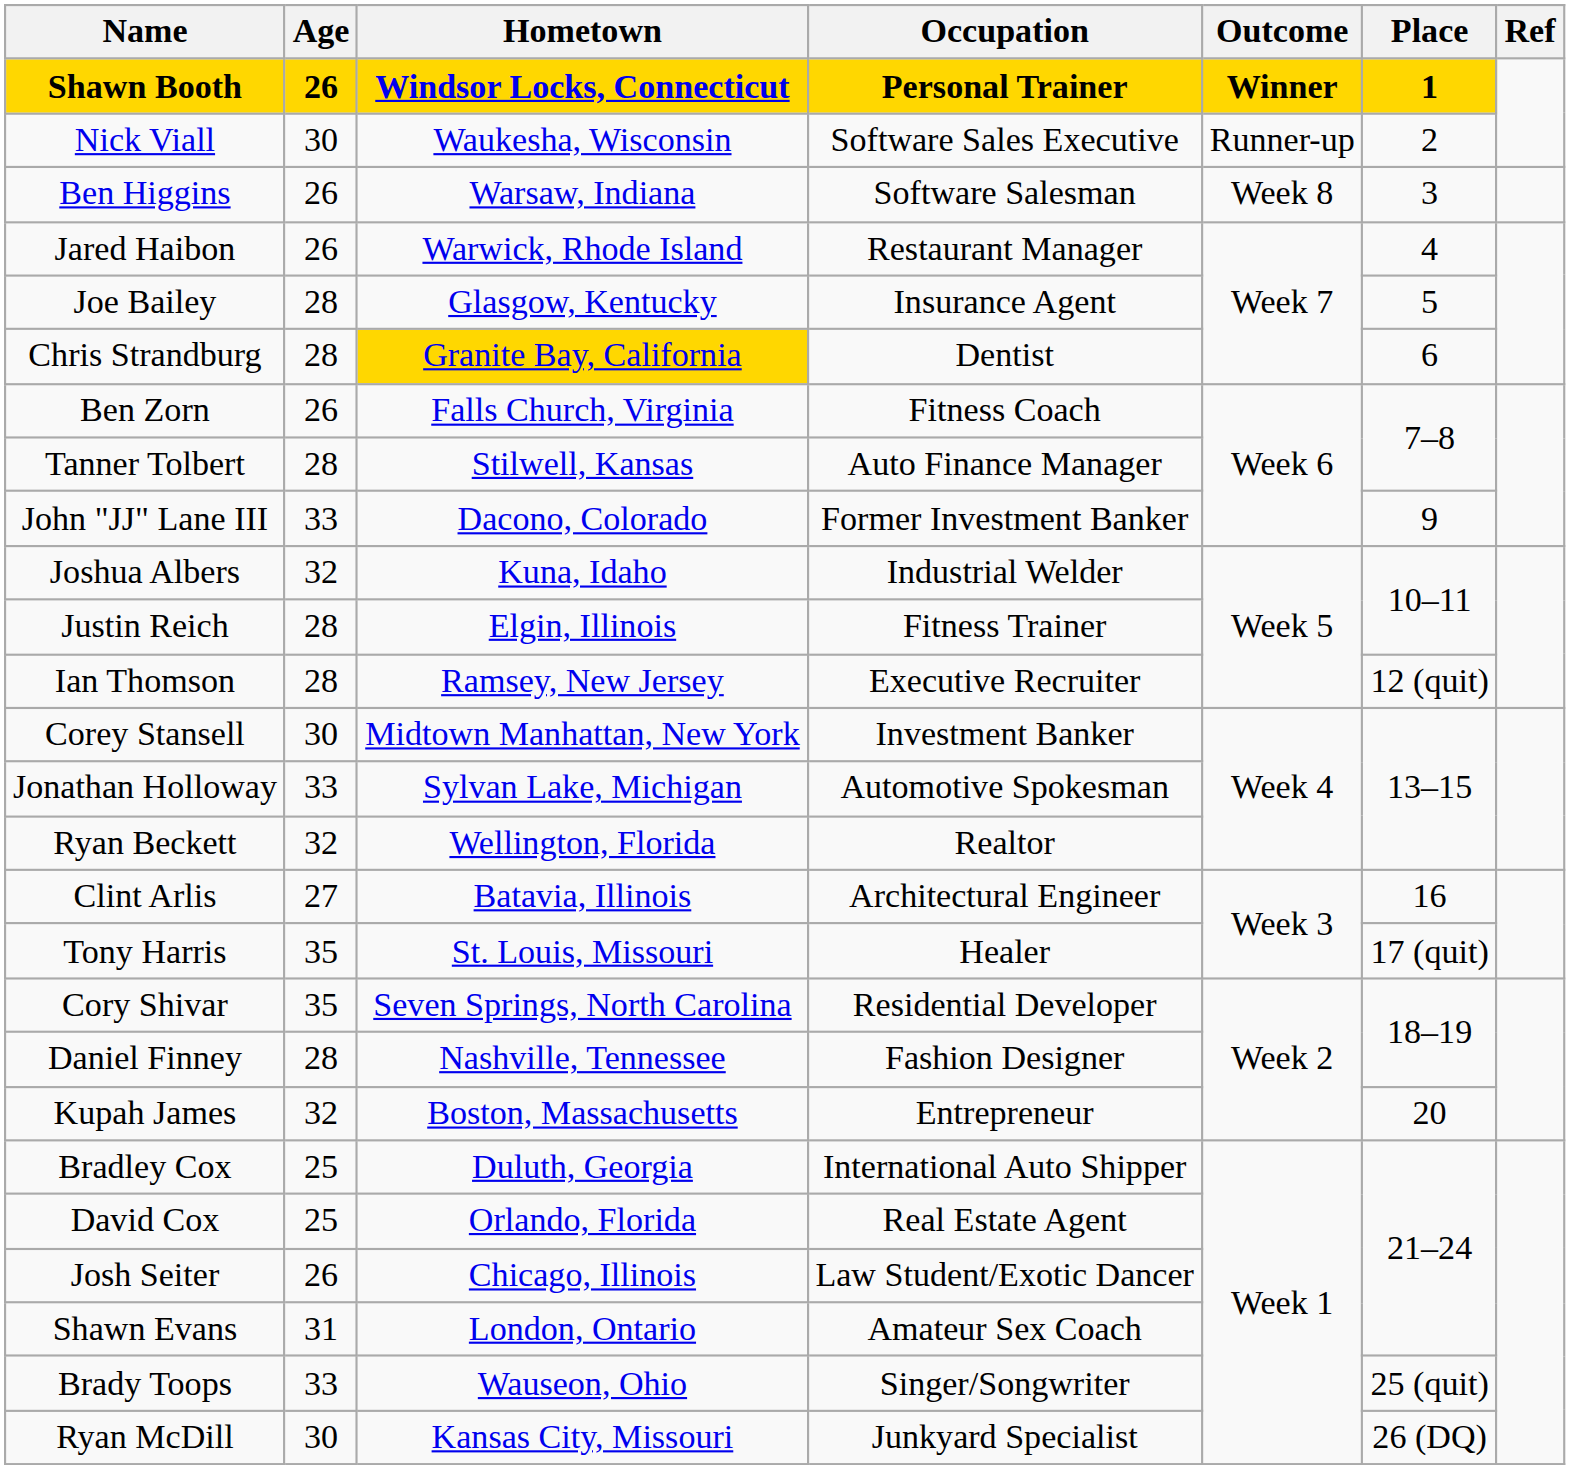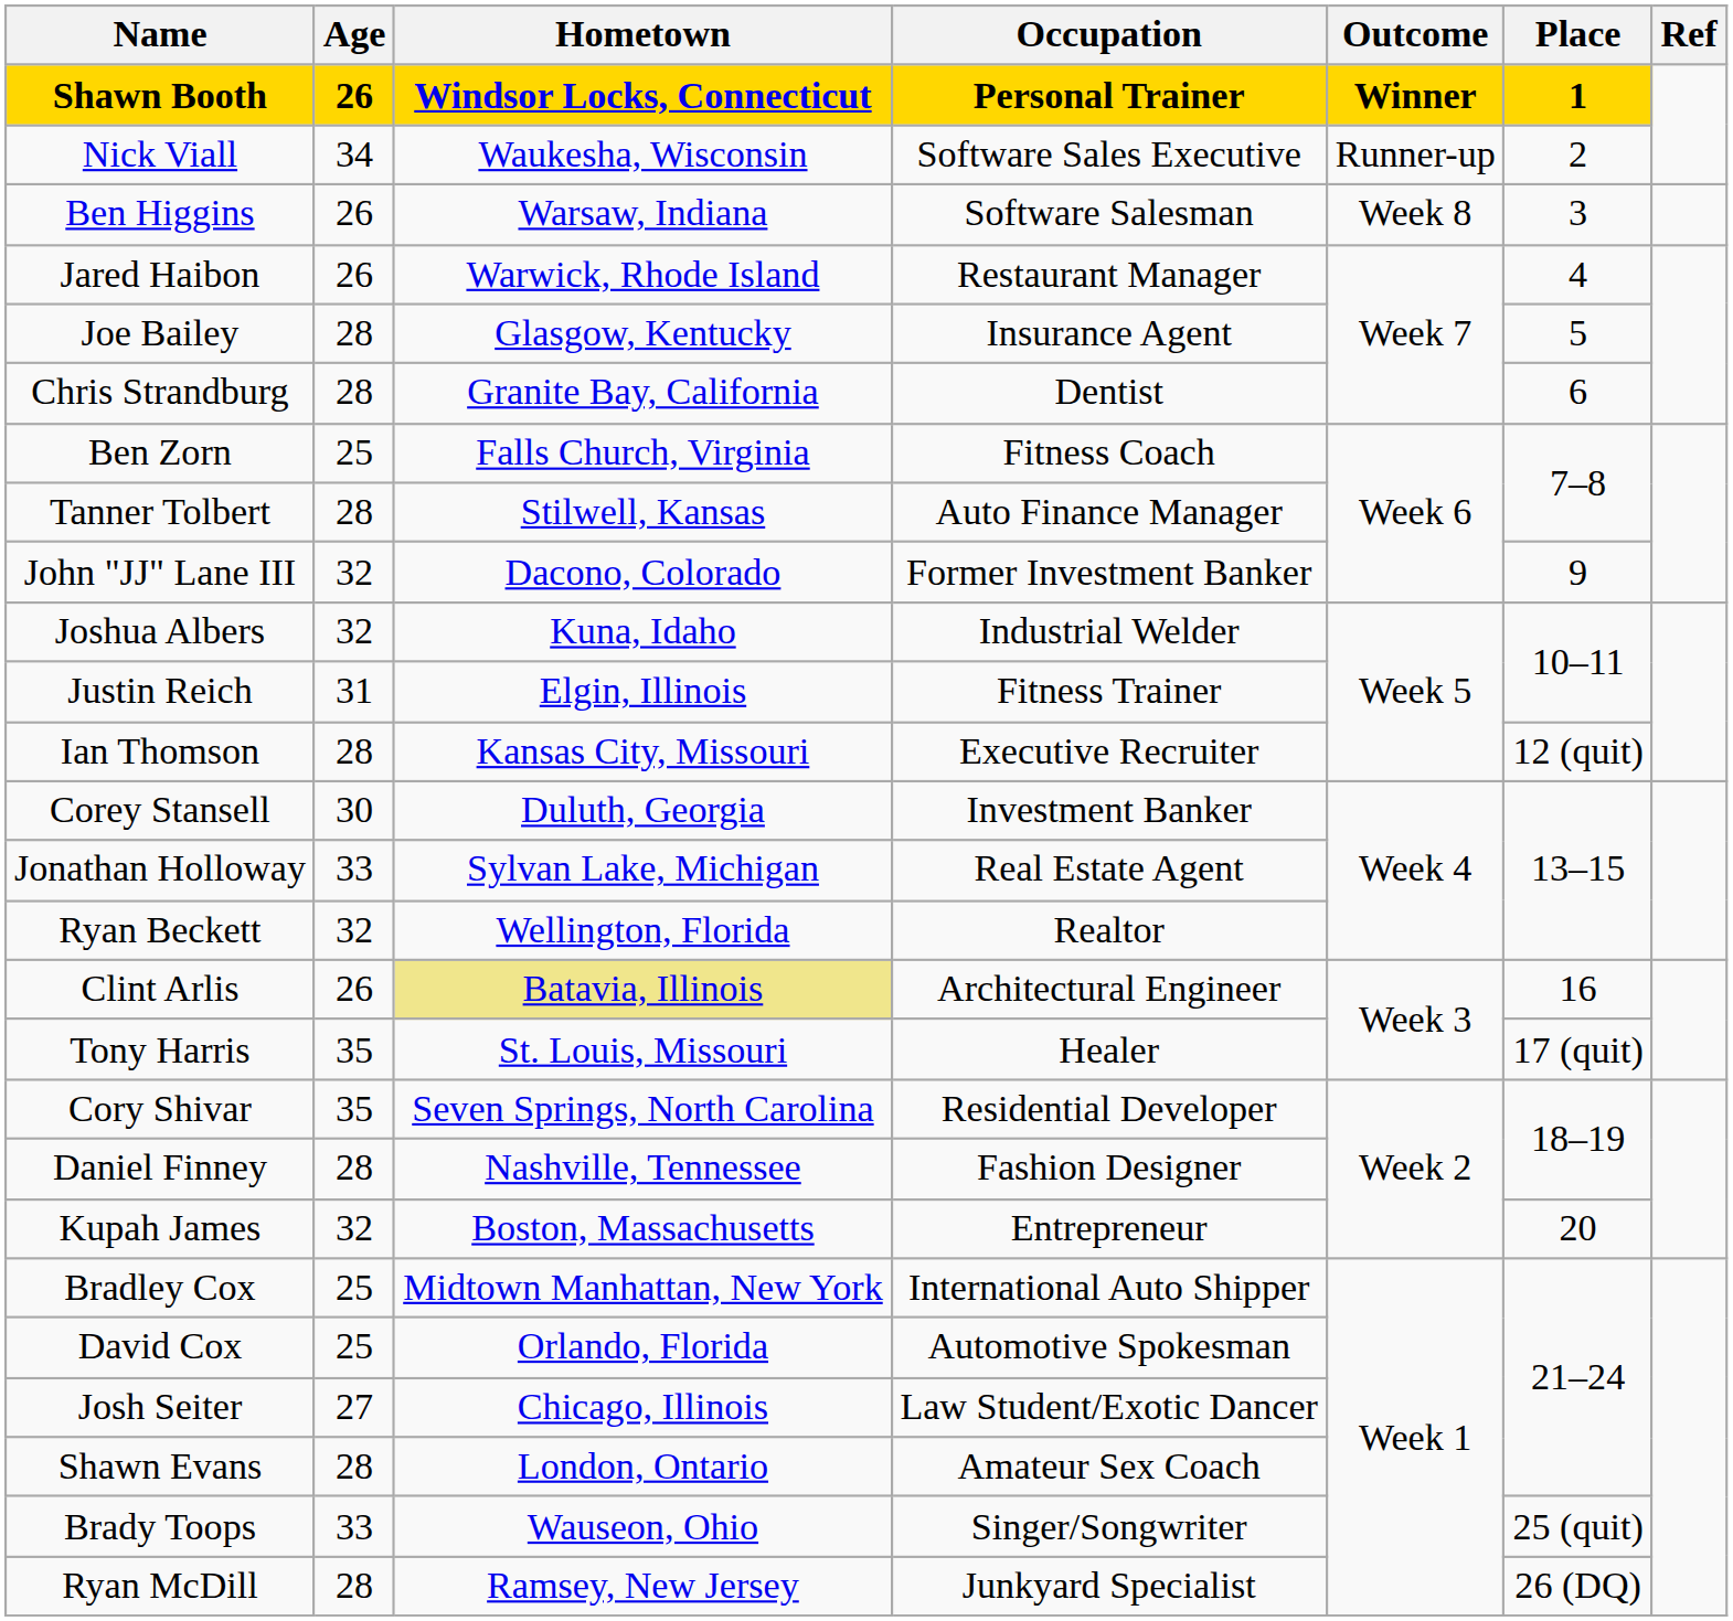 <table class="wikitable sortable" style="text-align:center;">
 <tr>
 <th>Name</th>
 <th>Age</th>
 <th>Hometown</th>
 <th>Occupation</th>
 <th>Outcome</th>
 <th>Place</th>
 <th class="unsortable">Ref</th>
 </tr>
 <tr>
 <td bgcolor="gold"><strong>Shawn Booth</strong></td>
 <td bgcolor="gold"><strong>26</strong></td>
 <td bgcolor="gold"><strong><a href='#'>Windsor Locks, Connecticut</a></strong></td>
 <td bgcolor="gold"><strong>Personal Trainer</strong></td>
 <td bgcolor="gold"><strong>Winner</strong></td>
 <td bgcolor="gold"><strong>1</strong></td>
 <td align="center" rowspan=2></td>
 </tr>
 <tr>
 <td><a href='#'>Nick Viall</a></td>
-<td>30</td>
+<td>34</td>
 <td><a href='#'>Waukesha, Wisconsin</a></td>
 <td>Software Sales Executive</td>
 <td>Runner-up</td>
 <td>2</td>
 </tr>
 <tr>
 <td><a href='#'>Ben Higgins</a></td>
 <td>26</td>
 <td><a href='#'>Warsaw, Indiana</a></td>
 <td>Software Salesman</td>
 <td>Week 8</td>
 <td>3</td>
 <td align="center"></td>
 </tr>
 <tr>
 <td>Jared Haibon</td>
 <td>26</td>
 <td><a href='#'>Warwick, Rhode Island</a></td>
 <td>Restaurant Manager</td>
 <td rowspan="3">Week 7</td>
 <td>4</td>
 <td align="center" rowspan=3></td>
 </tr>
 <tr>
 <td>Joe Bailey</td>
 <td>28</td>
 <td><a href='#'>Glasgow, Kentucky</a></td>
 <td>Insurance Agent</td>
 <td>5</td>
 </tr>
 <tr>
 <td>Chris Strandburg</td>
 <td>28</td>
-<td style="background: gold;"><a href='#'>Granite Bay, California</a></td>
+<td><a href='#'>Granite Bay, California</a></td>
 <td>Dentist</td>
 <td>6</td>
 </tr>
 <tr>
 <td>Ben Zorn</td>
-<td>26</td>
+<td>25</td>
 <td><a href='#'>Falls Church, Virginia</a></td>
 <td>Fitness Coach</td>
 <td rowspan="3">Week 6</td>
 <td rowspan="2">7–8</td>
 <td align="center" rowspan=3></td>
 </tr>
 <tr>
 <td>Tanner Tolbert</td>
 <td>28</td>
 <td><a href='#'>Stilwell, Kansas</a></td>
 <td>Auto Finance Manager</td>
 </tr>
 <tr>
 <td>John "JJ" Lane III</td>
-<td>33</td>
+<td>32</td>
 <td><a href='#'>Dacono, Colorado</a></td>
 <td>Former Investment Banker</td>
 <td>9</td>
 </tr>
 <tr>
 <td>Joshua Albers</td>
 <td>32</td>
 <td><a href='#'>Kuna, Idaho</a></td>
 <td>Industrial Welder</td>
 <td rowspan="3">Week 5</td>
 <td rowspan="2">10–11</td>
 <td align="center" rowspan=3></td>
 </tr>
 <tr>
 <td>Justin Reich</td>
-<td>28</td>
+<td>31</td>
 <td><a href='#'>Elgin, Illinois</a></td>
 <td>Fitness Trainer</td>
 </tr>
 <tr>
 <td>Ian Thomson</td>
 <td>28</td>
-<td><a href='#'>Ramsey, New Jersey</a></td>
+<td><a href='#'>Kansas City, Missouri</a></td>
 <td>Executive Recruiter</td>
 <td>12 (quit)</td>
 </tr>
 <tr>
 <td>Corey Stansell</td>
 <td>30</td>
-<td><a href='#'>Midtown Manhattan, New York</a></td>
+<td><a href='#'>Duluth, Georgia</a></td>
 <td>Investment Banker</td>
 <td rowspan="3">Week 4</td>
 <td rowspan="3">13–15</td>
 <td align="center" rowspan=3></td>
 </tr>
 <tr>
 <td>Jonathan Holloway</td>
 <td>33</td>
 <td><a href='#'>Sylvan Lake, Michigan</a></td>
-<td>Automotive Spokesman</td>
+<td>Real Estate Agent</td>
 </tr>
 <tr>
 <td>Ryan Beckett</td>
 <td>32</td>
 <td><a href='#'>Wellington, Florida</a></td>
 <td>Realtor</td>
 </tr>
 <tr>
 <td>Clint Arlis</td>
-<td>27</td>
-<td><a href='#'>Batavia, Illinois</a></td>
+<td>26</td>
+<td style="background: khaki;"><a href='#'>Batavia, Illinois</a></td>
 <td>Architectural Engineer</td>
 <td rowspan="2">Week 3</td>
 <td>16</td>
 <td align="center" rowspan=2></td>
 </tr>
 <tr>
 <td>Tony Harris</td>
 <td>35</td>
 <td><a href='#'>St. Louis, Missouri</a></td>
 <td>Healer</td>
 <td>17 (quit)</td>
 </tr>
 <tr>
 <td>Cory Shivar</td>
 <td>35</td>
 <td><a href='#'>Seven Springs, North Carolina</a></td>
 <td>Residential Developer</td>
 <td rowspan="3">Week 2</td>
 <td rowspan="2">18–19</td>
 <td align="center" rowspan=3></td>
 </tr>
 <tr>
 <td>Daniel Finney</td>
 <td>28</td>
 <td><a href='#'>Nashville, Tennessee</a></td>
 <td>Fashion Designer</td>
 </tr>
 <tr>
 <td>Kupah James</td>
 <td>32</td>
 <td><a href='#'>Boston, Massachusetts</a></td>
 <td>Entrepreneur</td>
 <td>20</td>
 </tr>
 <tr>
 <td>Bradley Cox</td>
 <td>25</td>
-<td><a href='#'>Duluth, Georgia</a></td>
+<td><a href='#'>Midtown Manhattan, New York</a></td>
 <td>International Auto Shipper</td>
 <td rowspan="6">Week 1</td>
 <td rowspan="4">21–24</td>
 <td align="center" rowspan=6></td>
 </tr>
 <tr>
 <td>David Cox</td>
 <td>25</td>
 <td><a href='#'>Orlando, Florida</a></td>
-<td>Real Estate Agent</td>
+<td>Automotive Spokesman</td>
 </tr>
 <tr>
 <td>Josh Seiter</td>
-<td>26</td>
+<td>27</td>
 <td><a href='#'>Chicago, Illinois</a></td>
 <td>Law Student/Exotic Dancer</td>
 </tr>
 <tr>
 <td>Shawn Evans</td>
-<td>31</td>
+<td>28</td>
 <td><a href='#'>London, Ontario</a></td>
 <td>Amateur Sex Coach</td>
 </tr>
 <tr>
 <td>Brady Toops</td>
 <td>33</td>
 <td><a href='#'>Wauseon, Ohio</a></td>
 <td>Singer/Songwriter</td>
 <td>25 (quit)</td>
 </tr>
 <tr>
 <td>Ryan McDill</td>
-<td>30</td>
-<td><a href='#'>Kansas City, Missouri</a></td>
+<td>28</td>
+<td><a href='#'>Ramsey, New Jersey</a></td>
 <td>Junkyard Specialist</td>
 <td>26 (DQ)</td>
 </tr>
 </table>
